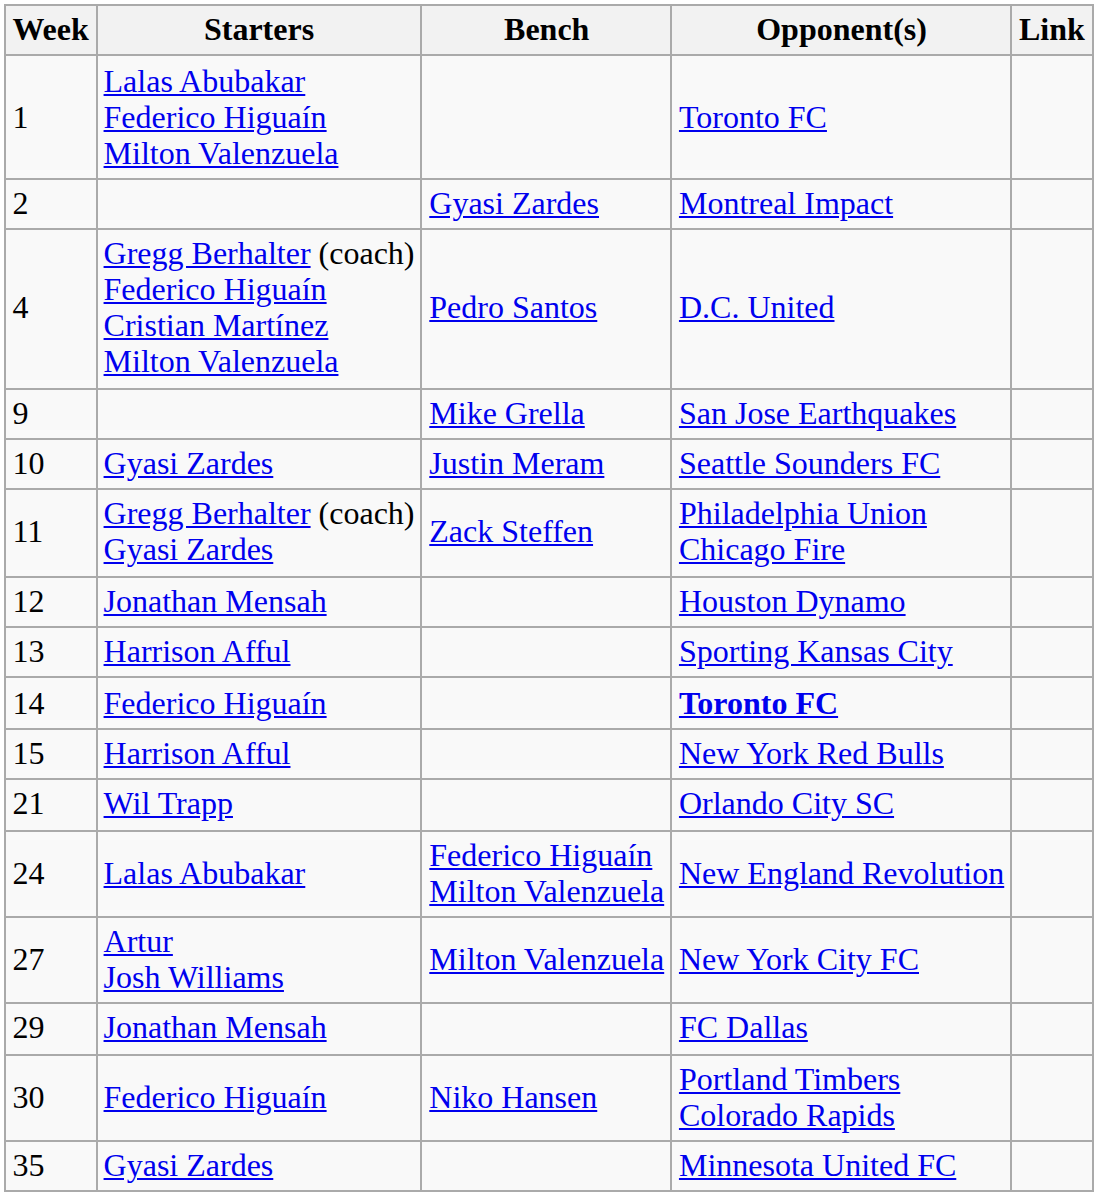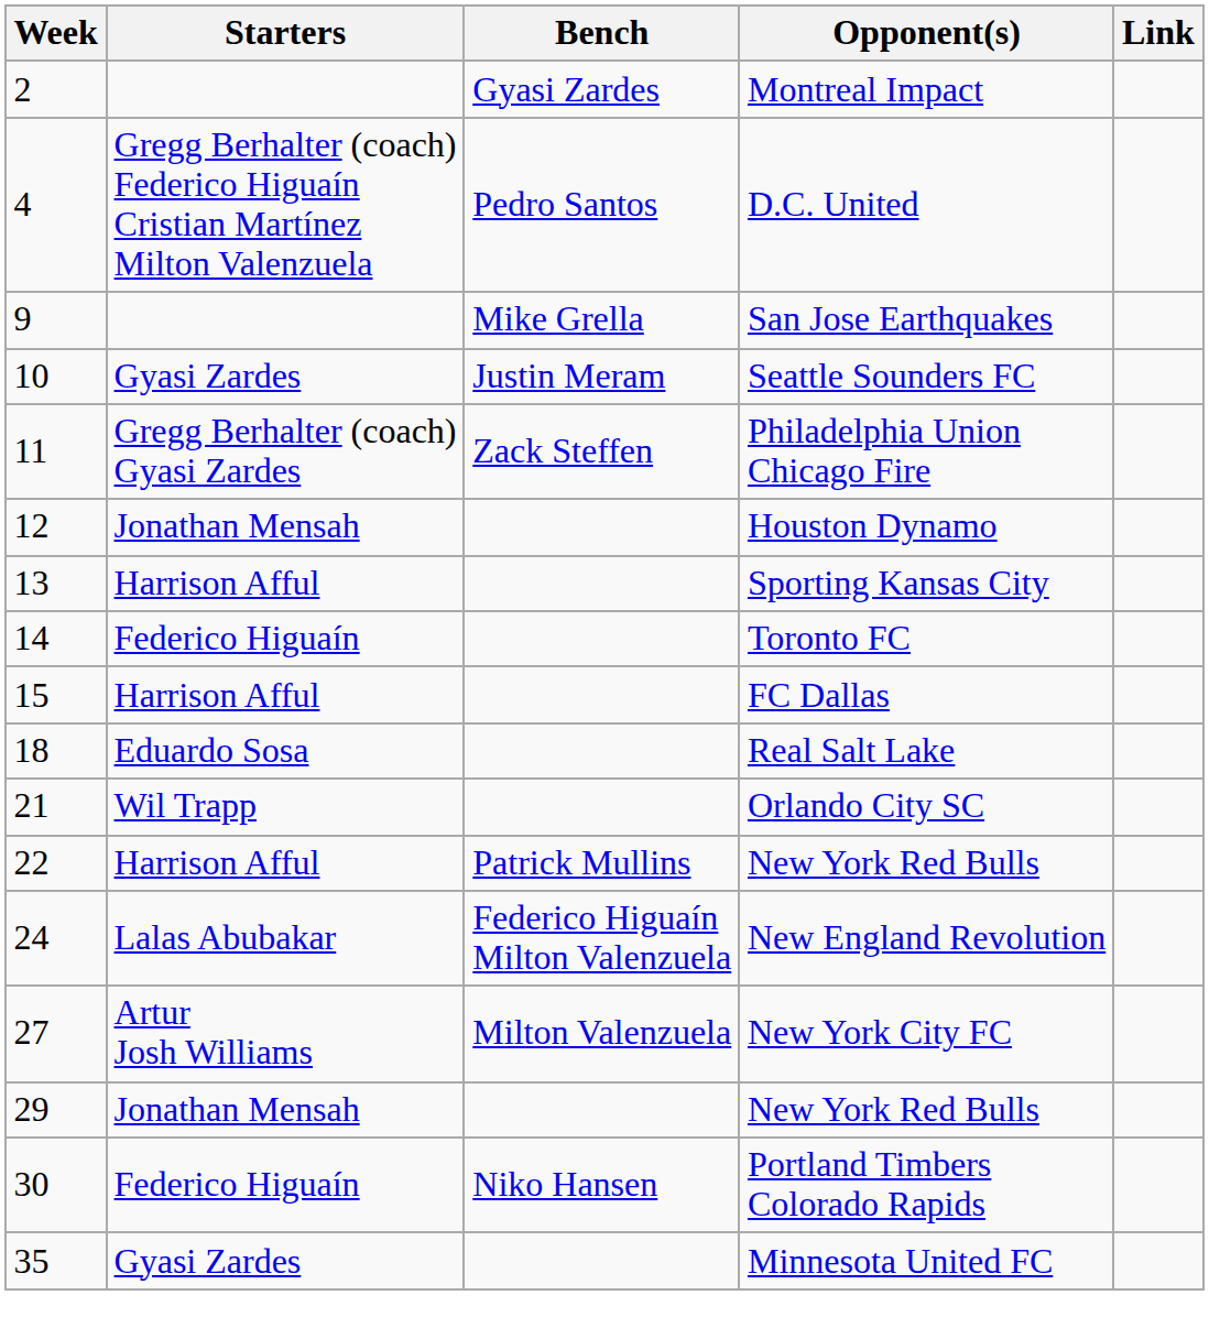 <table class=wikitable style="display:inline-table;">
 <tr>
 <th>Week</th>
 <th>Starters</th>
 <th>Bench</th>
 <th>Opponent(s)</th>
 <th>Link</th>
-</tr>
-<tr>
-<td>1</td>
-<td> <a href='#'>Lalas Abubakar</a><br> <a href='#'>Federico Higuaín</a><br> <a href='#'>Milton Valenzuela</a></td>
-<td></td>
-<td> <a href='#'>Toronto FC</a></td>
-<td></td>
 </tr>
 <tr>
 <td>2</td>
 <td></td>
 <td> <a href='#'>Gyasi Zardes</a></td>
 <td> <a href='#'>Montreal Impact</a></td>
 <td></td>
 </tr>
 <tr>
 <td>4</td>
 <td> <a href='#'>Gregg Berhalter</a> (coach)<br> <a href='#'>Federico Higuaín</a><br> <a href='#'>Cristian Martínez</a><br> <a href='#'>Milton Valenzuela</a></td>
 <td> <a href='#'>Pedro Santos</a></td>
 <td> <a href='#'>D.C. United</a></td>
 <td></td>
 </tr>
 <tr>
 <td>9</td>
 <td></td>
 <td> <a href='#'>Mike Grella</a></td>
 <td> <a href='#'>San Jose Earthquakes</a></td>
 <td></td>
 </tr>
 <tr>
 <td>10</td>
 <td> <a href='#'>Gyasi Zardes</a></td>
 <td> <a href='#'>Justin Meram</a></td>
 <td> <a href='#'>Seattle Sounders FC</a></td>
 <td></td>
 </tr>
 <tr>
 <td>11</td>
 <td> <a href='#'>Gregg Berhalter</a> (coach)<br> <a href='#'>Gyasi Zardes</a></td>
 <td> <a href='#'>Zack Steffen</a></td>
 <td> <a href='#'>Philadelphia Union</a><br> <a href='#'>Chicago Fire</a></td>
 <td></td>
 </tr>
 <tr>
 <td>12</td>
 <td> <a href='#'>Jonathan Mensah</a></td>
 <td></td>
 <td> <a href='#'>Houston Dynamo</a></td>
 <td></td>
 </tr>
 <tr>
 <td>13</td>
 <td> <a href='#'>Harrison Afful</a></td>
 <td></td>
 <td> <a href='#'>Sporting Kansas City</a></td>
 <td></td>
 </tr>
 <tr>
 <td>14</td>
 <td> <a href='#'>Federico Higuaín</a></td>
 <td></td>
-<td><strong> <a href='#'>Toronto FC</a></strong></td>
+<td> <a href='#'>Toronto FC</a></td>
 <td></td>
 </tr>
 <tr>
 <td>15</td>
 <td> <a href='#'>Harrison Afful</a></td>
 <td></td>
-<td> <a href='#'>New York Red Bulls</a></td>
+<td> <a href='#'>FC Dallas</a></td>
+<td></td>
+</tr>
+<tr>
+<td>18</td>
+<td> <a href='#'>Eduardo Sosa</a></td>
+<td></td>
+<td> <a href='#'>Real Salt Lake</a></td>
 <td></td>
 </tr>
 <tr>
 <td>21</td>
 <td> <a href='#'>Wil Trapp</a></td>
 <td></td>
 <td> <a href='#'>Orlando City SC</a></td>
+<td></td>
+</tr>
+<tr>
+<td>22</td>
+<td> <a href='#'>Harrison Afful</a></td>
+<td> <a href='#'>Patrick Mullins</a></td>
+<td> <a href='#'>New York Red Bulls</a></td>
 <td></td>
 </tr>
 <tr>
 <td>24</td>
 <td> <a href='#'>Lalas Abubakar</a></td>
 <td> <a href='#'>Federico Higuaín</a><br> <a href='#'>Milton Valenzuela</a></td>
 <td> <a href='#'>New England Revolution</a></td>
 <td></td>
 </tr>
 <tr>
 <td>27</td>
 <td> <a href='#'>Artur</a><br> <a href='#'>Josh Williams</a></td>
 <td> <a href='#'>Milton Valenzuela</a></td>
 <td> <a href='#'>New York City FC</a></td>
 <td></td>
 </tr>
 <tr>
 <td>29</td>
 <td> <a href='#'>Jonathan Mensah</a></td>
 <td></td>
-<td> <a href='#'>FC Dallas</a></td>
+<td> <a href='#'>New York Red Bulls</a></td>
 <td></td>
 </tr>
 <tr>
 <td>30</td>
 <td> <a href='#'>Federico Higuaín</a></td>
 <td> <a href='#'>Niko Hansen</a></td>
 <td> <a href='#'>Portland Timbers</a><br> <a href='#'>Colorado Rapids</a></td>
 <td></td>
 </tr>
 <tr>
 <td>35</td>
 <td> <a href='#'>Gyasi Zardes</a></td>
 <td></td>
 <td> <a href='#'>Minnesota United FC</a></td>
 <td></td>
 </tr>
 </table>
